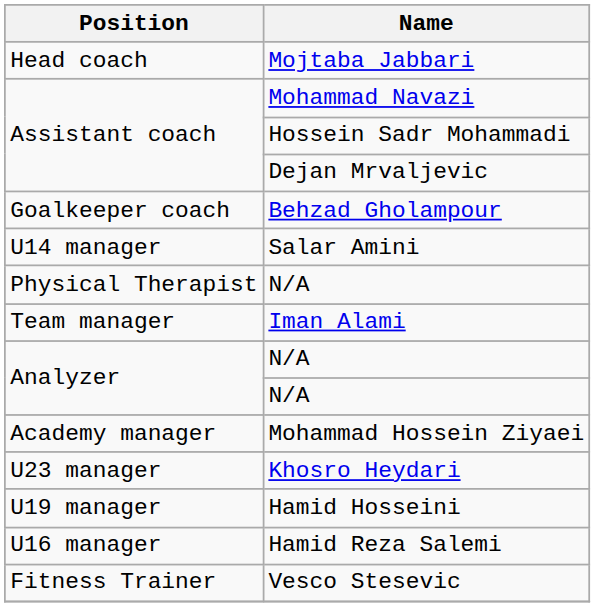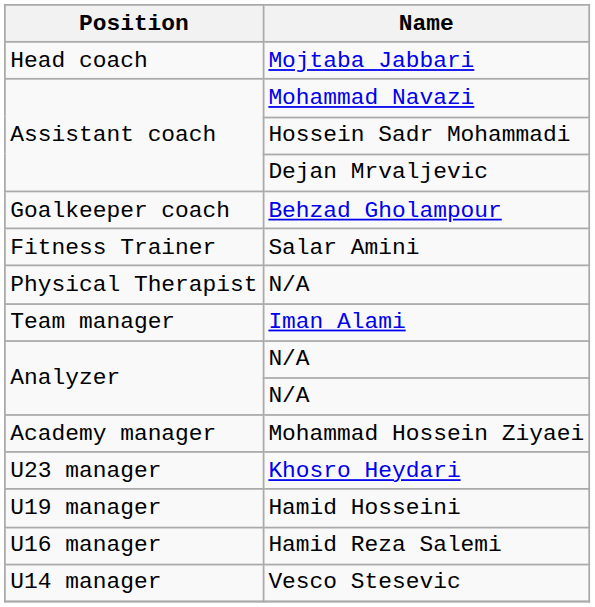 <table class="wikitable">
 <tr>
 <th>Position</th>
 <th>Name</th>
 </tr>
 <tr>
 <td>Head coach</td>
 <td> <a href='#'>Mojtaba Jabbari</a></td>
 </tr>
 <tr>
 <td rowspan="3">Assistant coach</td>
 <td> <a href='#'>Mohammad Navazi</a></td>
 </tr>
 <tr>
 <td> Hossein Sadr Mohammadi</td>
 </tr>
 <tr>
 <td> Dejan Mrvaljevic</td>
 </tr>
 <tr>
 <td>Goalkeeper coach</td>
 <td> <a href='#'>Behzad Gholampour</a></td>
 </tr>
 <tr>
-<td>U14 manager</td>
+<td>Fitness Trainer</td>
 <td> Salar Amini</td>
 </tr>
 <tr>
 <td>Physical Therapist</td>
 <td>N/A</td>
 </tr>
 <tr>
 <td>Team manager</td>
 <td> <a href='#'>Iman Alami</a></td>
 </tr>
 <tr>
 <td rowspan="2">Analyzer</td>
 <td>N/A</td>
 </tr>
 <tr>
 <td>N/A</td>
 </tr>
 <tr>
 <td>Academy manager</td>
 <td> Mohammad Hossein Ziyaei</td>
 </tr>
 <tr>
 <td>U23 manager</td>
 <td> <a href='#'>Khosro Heydari</a></td>
 </tr>
 <tr>
 <td>U19 manager</td>
 <td> Hamid Hosseini</td>
 </tr>
 <tr>
 <td>U16 manager</td>
 <td> Hamid Reza Salemi</td>
 </tr>
 <tr>
-<td>Fitness Trainer</td>
+<td>U14 manager</td>
 <td> Vesco Stesevic</td>
 </tr>
 <tr>
 </tr>
 </table>
